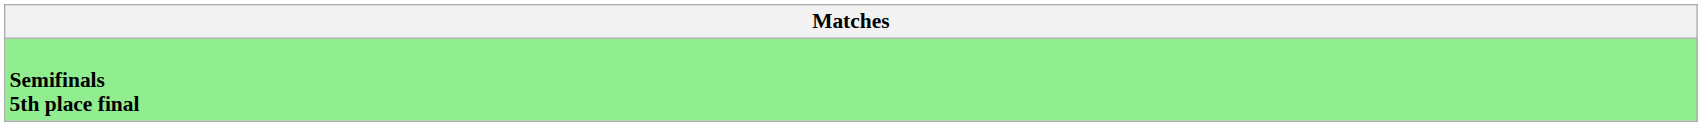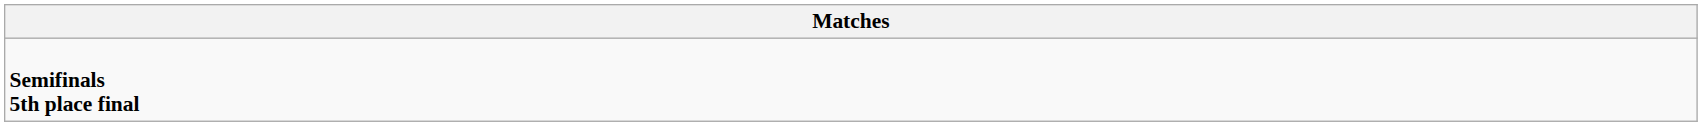 <table class="wikitable collapsible collapsed" style="width:100%;">
 <tr>
 <th>Matches</th>
 </tr>
 <tr>
-<td style="background: lightgreen;"><br><strong>Semifinals</strong>  <br><strong>5th place final</strong> </td>
+<td><br><strong>Semifinals</strong>  <br><strong>5th place final</strong> </td>
 </tr>
 </table>
